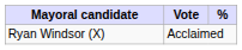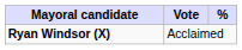 <table class="wikitable">
 <tr>
 <th style="background:#ddf;" width="200px">Mayoral candidate</th>
 <th style="background:#ddf;" width="50px">Vote</th>
 <th style="background:#ddf;" width="30px">%</th>
 </tr>
 <tr>
-<td>Ryan Windsor (X)</td>
+<td><strong>Ryan Windsor (X)</strong></td>
 <td colspan="2">Acclaimed</td>
 </tr>
 </table>
